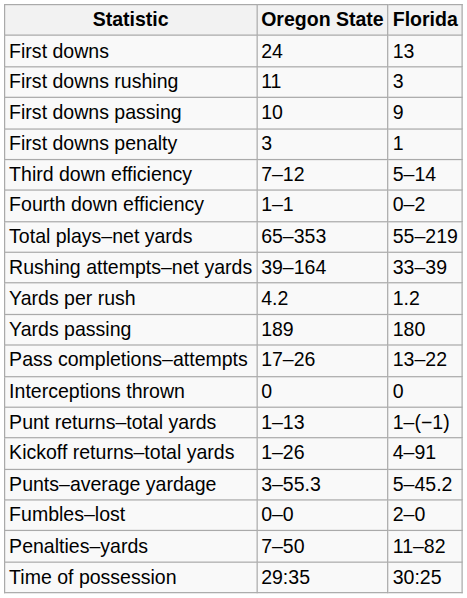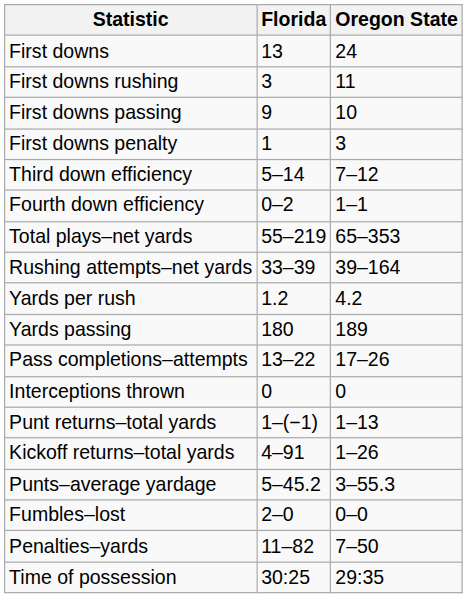 <table class="wikitable">
 <tr>
 <th>Statistic</th>
+<th><strong>Florida</strong></th>
 <th><strong>Oregon State</strong></th>
-<th><strong>Florida</strong></th>
 </tr>
 <tr>
 <td>First downs</td>
+<td>13</td>
 <td>24</td>
-<td>13</td>
 </tr>
 <tr>
 <td>First downs rushing</td>
+<td>3</td>
 <td>11</td>
+</tr>
+<tr>
+<td>First downs passing</td>
+<td>9</td>
+<td>10</td>
+</tr>
+<tr>
+<td>First downs penalty</td>
+<td>1</td>
 <td>3</td>
 </tr>
 <tr>
-<td>First downs passing</td>
-<td>10</td>
-<td>9</td>
-</tr>
-<tr>
-<td>First downs penalty</td>
-<td>3</td>
-<td>1</td>
-</tr>
-<tr>
 <td>Third down efficiency</td>
+<td>5–14</td>
 <td>7–12</td>
-<td>5–14</td>
 </tr>
 <tr>
 <td>Fourth down efficiency</td>
+<td>0–2</td>
 <td>1–1</td>
-<td>0–2</td>
 </tr>
 <tr>
 <td>Total plays–net yards</td>
+<td>55–219</td>
 <td>65–353</td>
-<td>55–219</td>
 </tr>
 <tr>
 <td>Rushing attempts–net yards</td>
+<td>33–39</td>
 <td>39–164</td>
-<td>33–39</td>
 </tr>
 <tr>
 <td>Yards per rush</td>
+<td>1.2</td>
 <td>4.2</td>
-<td>1.2</td>
 </tr>
 <tr>
 <td>Yards passing</td>
+<td>180</td>
 <td>189</td>
-<td>180</td>
 </tr>
 <tr>
 <td>Pass completions–attempts</td>
+<td>13–22</td>
 <td>17–26</td>
-<td>13–22</td>
 </tr>
 <tr>
 <td>Interceptions thrown</td>
 <td>0</td>
 <td>0</td>
 </tr>
 <tr>
 <td>Punt returns–total yards</td>
+<td>1–(−1)</td>
 <td>1–13</td>
-<td>1–(−1)</td>
 </tr>
 <tr>
 <td>Kickoff returns–total yards</td>
+<td>4–91</td>
 <td>1–26</td>
-<td>4–91</td>
 </tr>
 <tr>
 <td>Punts–average yardage</td>
+<td>5–45.2</td>
 <td>3–55.3</td>
-<td>5–45.2</td>
 </tr>
 <tr>
 <td>Fumbles–lost</td>
+<td>2–0</td>
 <td>0–0</td>
-<td>2–0</td>
 </tr>
 <tr>
 <td>Penalties–yards</td>
+<td>11–82</td>
 <td>7–50</td>
-<td>11–82</td>
 </tr>
 <tr>
 <td>Time of possession</td>
+<td>30:25</td>
 <td>29:35</td>
-<td>30:25</td>
 </tr>
 </table>
